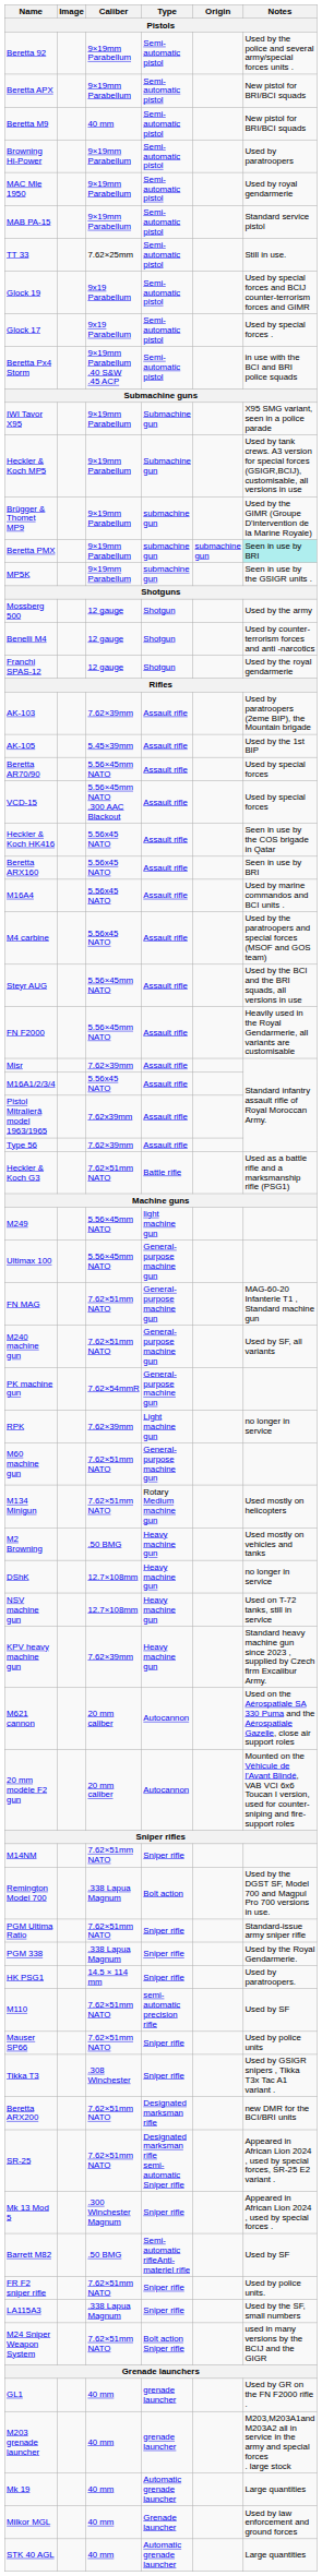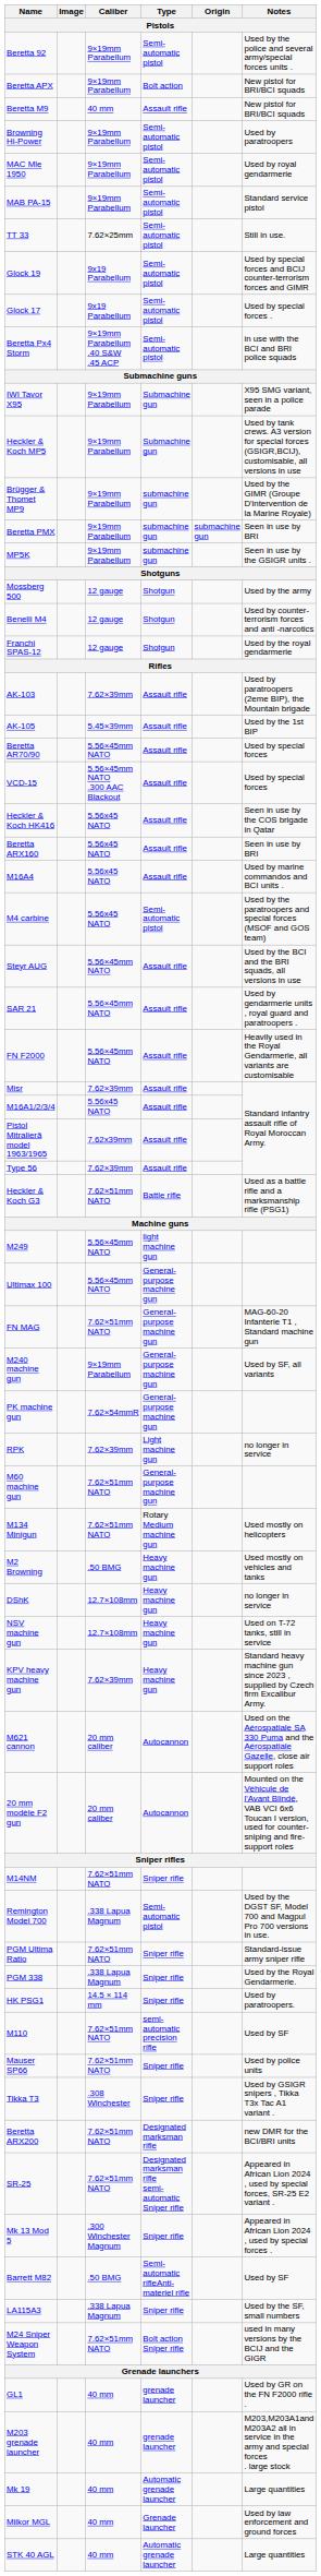 <table class="wikitable" style="width:80%;">
 <tr>
 <th width="16%">Name</th>
 <th width="10%">Image</th>
 <th width="15%">Caliber</th>
 <th width="12%">Type</th>
 <th width="10%">Origin</th>
 <th width="28%">Notes</th>
 </tr>
 <tr>
 <th colspan="6">Pistols</th>
 </tr>
 <tr>
 <td><a href='#'>Beretta 92</a></td>
 <td></td>
 <td><a href='#'>9×19mm Parabellum</a></td>
 <td><a href='#'>Semi-automatic pistol</a></td>
 <td></td>
 <td>Used by the police and several army/special forces units .</td>
 </tr>
 <tr>
 <td><a href='#'>Beretta APX</a></td>
 <td></td>
 <td><a href='#'>9×19mm Parabellum</a></td>
-<td><a href='#'>Semi-automatic pistol</a></td>
+<td><a href='#'>Bolt action</a></td>
 <td></td>
 <td>New pistol for BRI/BCI squads</td>
 </tr>
 <tr>
 <td><a href='#'>Beretta M9</a></td>
 <td></td>
 <td><a href='#'>40 mm</a></td>
-<td><a href='#'>Semi-automatic pistol</a></td>
+<td><a href='#'>Assault rifle</a></td>
 <td></td>
 <td>New pistol for BRI/BCI squads</td>
 </tr>
 <tr>
 <td><a href='#'>Browning Hi-Power</a></td>
 <td></td>
 <td><a href='#'>9×19mm Parabellum</a></td>
 <td><a href='#'>Semi-automatic pistol</a></td>
 <td></td>
 <td>Used by paratroopers</td>
 </tr>
 <tr>
 <td><a href='#'>MAC Mle 1950</a></td>
 <td></td>
 <td><a href='#'>9×19mm Parabellum</a></td>
 <td><a href='#'>Semi-automatic pistol</a></td>
 <td></td>
 <td>Used by royal gendarmerie</td>
 </tr>
 <tr>
 <td><a href='#'>MAB PA-15</a></td>
 <td></td>
 <td><a href='#'>9×19mm Parabellum</a></td>
 <td><a href='#'>Semi-automatic pistol</a></td>
 <td></td>
 <td>Standard service pistol</td>
 </tr>
 <tr>
 <td><a href='#'>TT 33</a></td>
 <td></td>
 <td>7.62×25mm</td>
 <td><a href='#'>Semi-automatic pistol</a></td>
 <td></td>
 <td>Still in use.</td>
 </tr>
 <tr>
 <td><a href='#'>Glock 19</a></td>
 <td></td>
 <td><a href='#'>9x19 Parabellum</a></td>
 <td><a href='#'>Semi-automatic pistol</a></td>
 <td></td>
 <td>Used by special forces and BCIJ counter-terrorism forces and GIMR</td>
 </tr>
 <tr>
 <td><a href='#'>Glock 17</a></td>
 <td></td>
 <td><a href='#'>9x19 Parabellum</a></td>
 <td><a href='#'>Semi-automatic pistol</a></td>
 <td></td>
 <td>Used by special forces . </td>
 </tr>
 <tr>
 <td><a href='#'>Beretta Px4 Storm</a></td>
 <td></td>
 <td><a href='#'>9×19mm Parabellum</a><br><a href='#'>.40 S&W</a><br><a href='#'>.45 ACP</a></td>
 <td><a href='#'>Semi-automatic pistol</a></td>
 <td></td>
 <td>in use with the BCI and BRI police squads</td>
 </tr>
 <tr>
 <th colspan="6">Submachine guns</th>
 </tr>
 <tr>
 <td><a href='#'>IWI Tavor X95</a></td>
 <td></td>
 <td><a href='#'>9×19mm Parabellum</a></td>
 <td><a href='#'>Submachine gun</a></td>
 <td></td>
 <td>X95 SMG variant, seen in a police parade </td>
 </tr>
 <tr>
 <td><a href='#'>Heckler & Koch MP5</a></td>
 <td></td>
 <td><a href='#'>9×19mm Parabellum</a></td>
 <td><a href='#'>Submachine gun</a></td>
 <td></td>
 <td>Used by tank crews. A3 version for special forces (GSIGR,BCIJ), customisable, all versions in use</td>
 </tr>
 <tr>
 <td><a href='#'>Brügger & Thomet MP9</a></td>
 <td></td>
 <td><a href='#'>9×19mm Parabellum</a></td>
 <td><a href='#'>submachine gun</a></td>
 <td></td>
 <td>Used by the GIMR (Groupe D'intervention de la Marine Royale)</td>
 </tr>
 <tr>
 <td><a href='#'>Beretta PMX</a></td>
 <td></td>
 <td><a href='#'>9×19mm Parabellum</a></td>
 <td><a href='#'>submachine gun</a></td>
 <td><a href='#'>submachine gun</a></td>
-<td style="background: paleturquoise;">Seen in use by BRI</td>
+<td>Seen in use by BRI</td>
 </tr>
 <tr>
 <td><a href='#'>MP5K</a></td>
 <td></td>
 <td><a href='#'>9×19mm Parabellum</a></td>
 <td><a href='#'>submachine gun</a></td>
 <td></td>
 <td>Seen in use by the GSIGR units .</td>
 </tr>
 <tr>
 <th colspan="6">Shotguns</th>
 </tr>
 <tr>
 <td><a href='#'>Mossberg 500</a></td>
 <td></td>
 <td><a href='#'>12 gauge</a></td>
 <td><a href='#'>Shotgun</a></td>
 <td></td>
 <td>Used by the army</td>
 </tr>
 <tr>
 <td><a href='#'>Benelli M4</a></td>
 <td></td>
 <td><a href='#'>12 gauge</a></td>
 <td><a href='#'>Shotgun</a></td>
 <td></td>
 <td>Used by counter-terrorism forces and anti -narcotics</td>
 </tr>
 <tr>
 <td><a href='#'>Franchi SPAS-12</a></td>
 <td></td>
 <td><a href='#'>12 gauge</a></td>
 <td><a href='#'>Shotgun</a></td>
 <td></td>
 <td>Used by the royal gendarmerie</td>
 </tr>
 <tr>
 <th colspan="6">Rifles</th>
 </tr>
 <tr>
 <td><a href='#'>AK-103</a></td>
 <td></td>
 <td><a href='#'>7.62×39mm</a></td>
 <td><a href='#'>Assault rifle</a></td>
 <td></td>
 <td>Used by paratroopers (2eme BIP), the Mountain brigade</td>
 </tr>
 <tr>
 <td><a href='#'>AK-105</a></td>
 <td></td>
 <td><a href='#'>5.45×39mm</a></td>
 <td><a href='#'>Assault rifle</a></td>
 <td></td>
 <td>Used by the 1st BIP</td>
 </tr>
 <tr>
 <td><a href='#'>Beretta AR70/90</a></td>
 <td></td>
 <td><a href='#'>5.56×45mm NATO</a></td>
 <td><a href='#'>Assault rifle</a></td>
 <td></td>
 <td>Used by special forces</td>
 </tr>
 <tr>
 <td><a href='#'>VCD-15</a></td>
 <td></td>
 <td><a href='#'>5.56×45mm NATO</a><br><a href='#'>.300 AAC Blackout</a></td>
 <td><a href='#'>Assault rifle</a></td>
 <td></td>
 <td>Used by special forces </td>
 </tr>
 <tr>
 <td><a href='#'>Heckler & Koch HK416</a></td>
 <td></td>
 <td><a href='#'>5.56x45 NATO</a></td>
 <td><a href='#'>Assault rifle</a></td>
 <td></td>
 <td>Seen in use by the COS brigade in Qatar </td>
 </tr>
 <tr>
 <td><a href='#'>Beretta ARX160</a></td>
 <td></td>
 <td><a href='#'>5.56x45 NATO</a></td>
 <td><a href='#'>Assault rifle</a></td>
 <td></td>
 <td>Seen in use by BRI</td>
 </tr>
 <tr>
 <td><a href='#'>M16A4</a></td>
 <td></td>
 <td><a href='#'>5.56x45 NATO</a></td>
 <td><a href='#'>Assault rifle</a></td>
 <td></td>
 <td>Used by marine commandos and BCI units .</td>
 </tr>
 <tr>
 <td><a href='#'>M4 carbine</a></td>
 <td></td>
 <td><a href='#'>5.56x45 NATO</a></td>
-<td><a href='#'>Assault rifle</a></td>
+<td><a href='#'>Semi-automatic pistol</a></td>
 <td></td>
 <td>Used by the paratroopers and special forces (MSOF and GOS team)</td>
 </tr>
 <tr>
 <td><a href='#'>Steyr AUG</a></td>
 <td></td>
 <td><a href='#'>5.56×45mm NATO</a></td>
 <td><a href='#'>Assault rifle</a></td>
 <td></td>
 <td>Used by the BCI and the BRI squads, all versions in use</td>
+</tr>
+<tr>
+<td><a href='#'>SAR 21</a></td>
+<td></td>
+<td><a href='#'>5.56×45mm NATO</a></td>
+<td><a href='#'>Assault rifle</a></td>
+<td></td>
+<td>Used by gendarmerie units , royal guard and paratroopers .</td>
 </tr>
 <tr>
 <td><a href='#'>FN F2000</a></td>
 <td></td>
 <td><a href='#'>5.56×45mm NATO</a></td>
 <td><a href='#'>Assault rifle</a></td>
 <td></td>
 <td>Heavily used in the Royal Gendarmerie, all variants are customisable</td>
 </tr>
 <tr>
 <td><a href='#'>Misr</a></td>
 <td></td>
 <td><a href='#'>7.62×39mm</a></td>
 <td><a href='#'>Assault rifle</a></td>
 <td></td>
 <td rowspan="4">Standard infantry assault rifle of Royal Moroccan Army.</td>
 </tr>
 <tr>
 <td><a href='#'>M16A1/2/3/4</a></td>
 <td></td>
 <td><a href='#'>5.56x45 NATO</a></td>
 <td><a href='#'>Assault rifle</a></td>
 <td></td>
 </tr>
 <tr>
 <td><a href='#'>Pistol Mitralieră model 1963/1965</a></td>
 <td></td>
 <td><a href='#'>7.62x39mm</a></td>
 <td><a href='#'>Assault rifle</a></td>
 <td></td>
 </tr>
 <tr>
 <td><a href='#'>Type 56</a></td>
 <td></td>
 <td><a href='#'>7.62×39mm</a></td>
 <td><a href='#'>Assault rifle</a></td>
 <td></td>
 </tr>
 <tr>
 <td><a href='#'>Heckler & Koch G3</a></td>
 <td></td>
 <td><a href='#'>7.62×51mm NATO</a></td>
 <td><a href='#'>Battle rifle</a></td>
 <td></td>
 <td>Used as a battle rifle and a marksmanship rifle (PSG1)</td>
 </tr>
 <tr>
 <th colspan="6">Machine guns</th>
 </tr>
 <tr>
 <td><a href='#'>M249</a></td>
 <td></td>
 <td><a href='#'>5.56×45mm NATO</a></td>
 <td><a href='#'>light machine gun</a></td>
 <td></td>
 <td></td>
 </tr>
 <tr>
 <td><a href='#'>Ultimax 100</a></td>
 <td></td>
 <td><a href='#'>5.56×45mm NATO</a></td>
 <td><a href='#'>General-purpose machine gun</a></td>
 <td></td>
 <td></td>
 </tr>
 <tr>
 <td><a href='#'>FN MAG</a></td>
 <td></td>
 <td><a href='#'>7.62×51mm NATO</a></td>
 <td><a href='#'>General-purpose machine gun</a></td>
 <td></td>
 <td>MAG-60-20 Infanterie T1 , Standard machine gun </td>
 </tr>
 <tr>
 <td><a href='#'>M240 machine gun</a></td>
 <td></td>
-<td><a href='#'>7.62×51mm NATO</a></td>
+<td><a href='#'>9×19mm Parabellum</a></td>
 <td><a href='#'>General-purpose machine gun</a></td>
 <td></td>
 <td>Used by SF, all variants </td>
 </tr>
 <tr>
 <td><a href='#'>PK machine gun</a></td>
 <td></td>
 <td><a href='#'>7.62×54mmR</a></td>
 <td><a href='#'>General-purpose machine gun</a></td>
 <td></td>
 <td></td>
 </tr>
 <tr>
 <td><a href='#'>RPK</a></td>
 <td></td>
 <td><a href='#'>7.62×39mm</a></td>
 <td><a href='#'>Light machine gun</a></td>
 <td></td>
 <td>no longer in service</td>
 </tr>
 <tr>
 <td><a href='#'>M60 machine gun</a></td>
 <td></td>
 <td><a href='#'>7.62×51mm NATO</a></td>
 <td><a href='#'>General-purpose machine gun</a></td>
 <td></td>
 <td></td>
 </tr>
 <tr>
 <td><a href='#'>M134 Minigun</a></td>
 <td></td>
 <td><a href='#'>7.62×51mm NATO</a></td>
 <td>Rotary <a href='#'>Medium machine gun</a></td>
 <td></td>
 <td>Used mostly on helicopters</td>
 </tr>
 <tr>
 <td><a href='#'>M2 Browning</a></td>
 <td></td>
 <td><a href='#'>.50 BMG</a></td>
 <td><a href='#'>Heavy machine gun</a></td>
 <td></td>
 <td>Used mostly on vehicles and tanks</td>
 </tr>
 <tr>
 <td><a href='#'>DShK</a></td>
 <td></td>
 <td><a href='#'>12.7×108mm</a></td>
 <td><a href='#'>Heavy machine gun</a></td>
 <td></td>
 <td>no longer in service</td>
 </tr>
 <tr>
 <td><a href='#'>NSV machine gun</a></td>
 <td></td>
 <td><a href='#'>12.7×108mm</a></td>
 <td><a href='#'>Heavy machine gun</a></td>
 <td></td>
 <td>Used on T-72 tanks, still in service</td>
 </tr>
 <tr>
 <td><a href='#'>KPV heavy machine gun</a></td>
 <td></td>
 <td><a href='#'>7.62×39mm</a></td>
 <td><a href='#'>Heavy machine gun</a></td>
 <td></td>
 <td>Standard heavy machine gun since 2023 , supplied by Czech firm Excalibur Army.</td>
 </tr>
 <tr>
 <td><a href='#'>M621 cannon</a></td>
 <td></td>
 <td><a href='#'>20 mm caliber</a></td>
 <td><a href='#'>Autocannon</a></td>
 <td></td>
 <td>Used on the <a href='#'>Aérospatiale SA 330 Puma</a> and the <a href='#'>Aérospatiale Gazelle</a>, close air support roles</td>
 </tr>
 <tr>
 <td><a href='#'>20 mm modèle F2 gun</a></td>
 <td></td>
 <td><a href='#'>20 mm caliber</a></td>
 <td><a href='#'>Autocannon</a></td>
 <td></td>
 <td>Mounted on the <a href='#'>Véhicule de l'Avant Blindé</a>, VAB VCI 6x6 Toucan I version, used for counter-sniping and fire-support roles</td>
 </tr>
 <tr>
 <th colspan="6">Sniper rifles</th>
 </tr>
 <tr>
 <td><a href='#'>M14NM</a></td>
 <td></td>
 <td><a href='#'>7.62×51mm NATO</a></td>
 <td><a href='#'>Sniper rifle</a></td>
 <td></td>
 <td></td>
 </tr>
 <tr>
 <td><a href='#'>Remington Model 700</a></td>
 <td></td>
 <td><a href='#'>.338 Lapua Magnum</a></td>
-<td><a href='#'>Bolt action</a></td>
+<td><a href='#'>Semi-automatic pistol</a></td>
 <td></td>
 <td>Used by the DGST SF, Model 700 and Magpul Pro 700  versions in use.</td>
 </tr>
 <tr>
 <td><a href='#'>PGM Ultima Ratio</a></td>
 <td></td>
 <td><a href='#'>7.62×51mm NATO</a></td>
 <td><a href='#'>Sniper rifle</a></td>
 <td></td>
 <td>Standard-issue army sniper rifle</td>
 </tr>
 <tr>
 <td><a href='#'>PGM 338</a></td>
 <td></td>
 <td><a href='#'>.338 Lapua Magnum</a></td>
 <td><a href='#'>Sniper rifle</a></td>
 <td></td>
 <td>Used by the Royal Gendarmerie.</td>
 </tr>
 <tr>
 <td><a href='#'>HK PSG1</a></td>
 <td></td>
 <td><a href='#'>14.5 × 114 mm</a></td>
 <td><a href='#'>Sniper rifle</a></td>
 <td></td>
 <td>Used by paratroopers.</td>
 </tr>
 <tr>
 <td><a href='#'>M110</a></td>
 <td></td>
 <td><a href='#'>7.62×51mm NATO</a></td>
 <td><a href='#'>semi-automatic</a> <a href='#'>precision rifle</a></td>
 <td></td>
 <td>Used by SF</td>
 </tr>
 <tr>
 <td><a href='#'>Mauser SP66</a></td>
 <td></td>
 <td><a href='#'>7.62×51mm NATO</a></td>
 <td><a href='#'>Sniper rifle</a></td>
 <td></td>
 <td>Used by police units</td>
 </tr>
 <tr>
 <td><a href='#'>Tikka T3</a></td>
 <td></td>
 <td><a href='#'>.308 Winchester</a></td>
 <td><a href='#'>Sniper rifle</a></td>
 <td></td>
 <td>Used by GSIGR snipers , Tikka T3x Tac A1 variant  .</td>
 </tr>
 <tr>
 <td><a href='#'>Beretta ARX200</a></td>
 <td></td>
 <td><a href='#'>7.62×51mm NATO</a></td>
 <td><a href='#'>Designated marksman rifle</a></td>
 <td></td>
 <td>new DMR for the BCI/BRI units</td>
 </tr>
 <tr>
 <td><a href='#'>SR-25</a></td>
 <td></td>
 <td><a href='#'>7.62×51mm NATO</a></td>
 <td><a href='#'>Designated marksman rifle</a><br><a href='#'>semi-automatic</a> <a href='#'>Sniper rifle</a></td>
 <td></td>
 <td>Appeared in African Lion 2024 , used by special forces, SR-25 E2 variant .</td>
 </tr>
 <tr>
 <td><a href='#'>Mk 13 Mod 5</a></td>
 <td></td>
 <td><a href='#'>.300 Winchester Magnum</a></td>
 <td><a href='#'>Sniper rifle</a></td>
 <td></td>
 <td>Appeared in African Lion 2024 , used by special forces .</td>
 </tr>
 <tr>
 <td><a href='#'>Barrett M82</a></td>
 <td></td>
 <td><a href='#'>.50 BMG</a></td>
 <td><a href='#'>Semi-automatic rifle</a><a href='#'>Anti-materiel rifle</a></td>
 <td></td>
 <td>Used by SF</td>
 </tr>
 <tr>
-<td><a href='#'>FR F2 sniper rifle</a></td>
-<td></td>
-<td><a href='#'>7.62×51mm NATO</a></td>
-<td><a href='#'>Sniper rifle</a></td>
-<td></td>
-<td>Used by police units.</td>
-</tr>
-<tr>
 <td><a href='#'>LA115A3</a></td>
 <td></td>
 <td><a href='#'>.338 Lapua Magnum</a></td>
 <td><a href='#'>Sniper rifle</a></td>
 <td></td>
 <td>Used by the SF, small numbers</td>
 </tr>
 <tr>
 <td><a href='#'>M24 Sniper Weapon System</a></td>
 <td></td>
 <td><a href='#'>7.62×51mm NATO</a></td>
 <td><a href='#'>Bolt action</a><br><a href='#'>Sniper rifle</a></td>
 <td></td>
 <td>used in many versions by the BCIJ and the GIGR</td>
 </tr>
 <tr>
 <th colspan="6">Grenade launchers</th>
 </tr>
 <tr>
 <td><a href='#'>GL1</a></td>
 <td></td>
 <td><a href='#'>40 mm</a></td>
 <td><a href='#'>grenade launcher</a></td>
 <td></td>
 <td>Used by GR on the FN F2000 rifle .</td>
 </tr>
 <tr>
 <td><a href='#'>M203 grenade launcher</a></td>
 <td></td>
 <td><a href='#'>40 mm</a></td>
 <td><a href='#'>grenade launcher</a></td>
 <td></td>
 <td>M203,M203A1and M203A2 all in service in the army and special forces<br>. large stock</td>
 </tr>
 <tr>
 <td><a href='#'>Mk 19</a></td>
 <td></td>
 <td><a href='#'>40 mm</a></td>
 <td><a href='#'>Automatic grenade launcher</a></td>
 <td></td>
 <td>Large quantities</td>
 </tr>
 <tr>
 <td><a href='#'>Milkor MGL</a></td>
 <td></td>
 <td><a href='#'>40 mm</a></td>
 <td><a href='#'>Grenade launcher</a></td>
 <td></td>
 <td>Used by law enforcement and ground forces</td>
 </tr>
 <tr>
 <td><a href='#'>STK 40 AGL</a></td>
 <td></td>
 <td><a href='#'>40 mm</a></td>
 <td><a href='#'>Automatic grenade launcher</a></td>
 <td></td>
 <td>Large quantities</td>
 </tr>
 </table>
